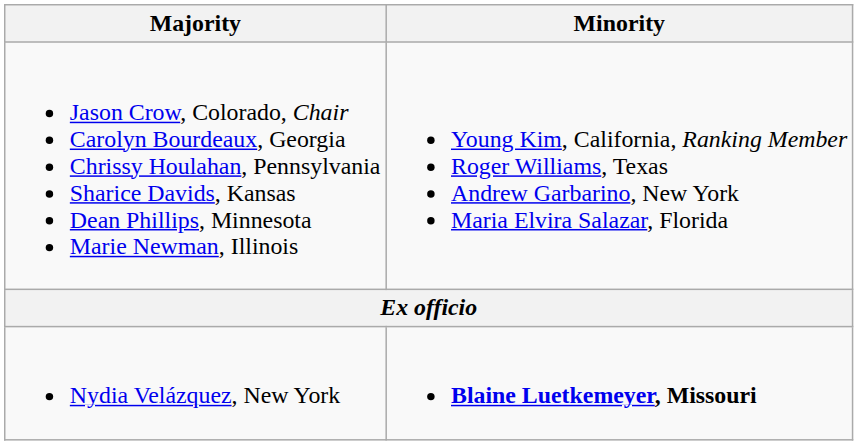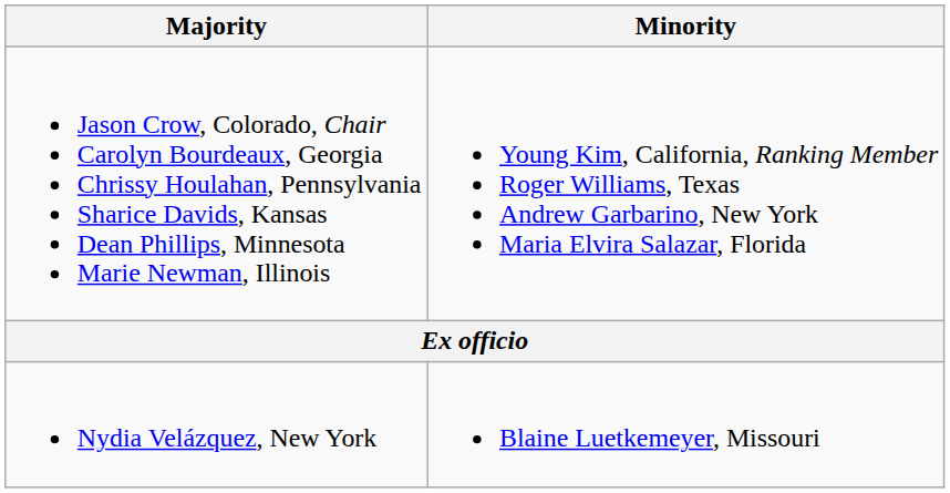 <table class=wikitable>
 <tr>
 <th>Majority</th>
 <th>Minority</th>
 </tr>
 <tr>
 <td><br><ul><li><a href='#'>Jason Crow</a>, Colorado, <em>Chair</em></li><li><a href='#'>Carolyn Bourdeaux</a>, Georgia</li><li><a href='#'>Chrissy Houlahan</a>, Pennsylvania</li><li><a href='#'>Sharice Davids</a>, Kansas</li><li><a href='#'>Dean Phillips</a>, Minnesota</li><li><a href='#'>Marie Newman</a>, Illinois</li></ul></td>
 <td><br><ul><li><a href='#'>Young Kim</a>, California, <em>Ranking Member</em></li><li><a href='#'>Roger Williams</a>, Texas</li><li><a href='#'>Andrew Garbarino</a>, New York</li><li><a href='#'>Maria Elvira Salazar</a>, Florida</li></ul></td>
 </tr>
 <tr>
 <th colspan=2><em>Ex officio</em></th>
 </tr>
 <tr>
 <td><br><ul><li><a href='#'>Nydia Velázquez</a>, New York</li></ul></td>
-<td><strong><br><ul><li><a href='#'>Blaine Luetkemeyer</a>, Missouri</li></ul></strong></td>
+<td><br><ul><li><a href='#'>Blaine Luetkemeyer</a>, Missouri</li></ul></td>
 </tr>
 </table>
